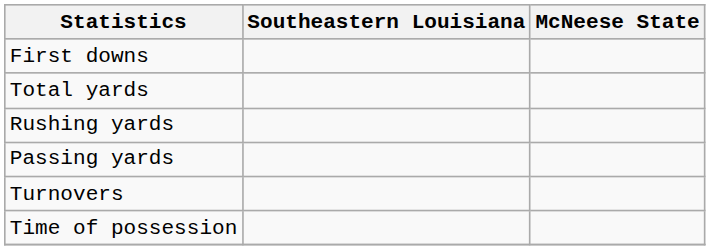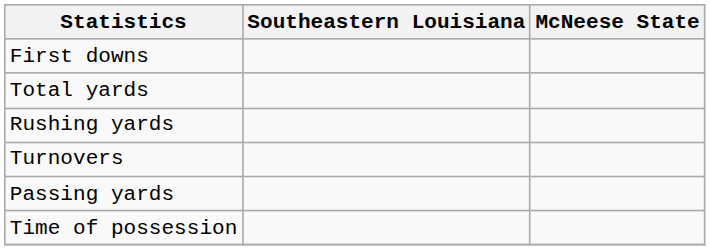 <table class="wikitable">
 <tr>
 <th>Statistics</th>
 <th>Southeastern Louisiana</th>
 <th>McNeese State</th>
 </tr>
 <tr>
 <td>First downs</td>
 <td> </td>
 <td> </td>
 </tr>
 <tr>
 <td>Total yards</td>
 <td> </td>
 <td> </td>
 </tr>
 <tr>
 <td>Rushing yards</td>
 <td> </td>
 <td> </td>
 </tr>
 <tr>
-<td>Passing yards</td>
+<td>Turnovers</td>
 <td> </td>
 <td> </td>
 </tr>
 <tr>
-<td>Turnovers</td>
+<td>Passing yards</td>
 <td> </td>
 <td> </td>
 </tr>
 <tr>
 <td>Time of possession</td>
 <td> </td>
 <td> </td>
 </tr>
 <tr>
 </tr>
 </table>
